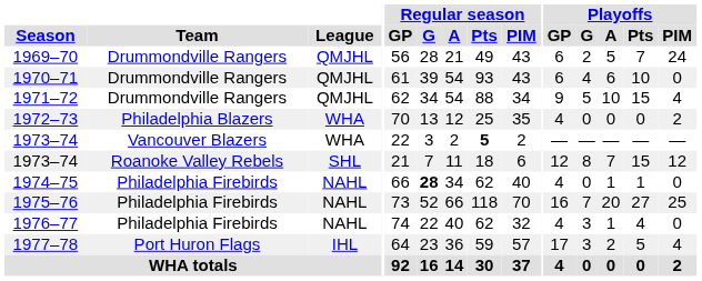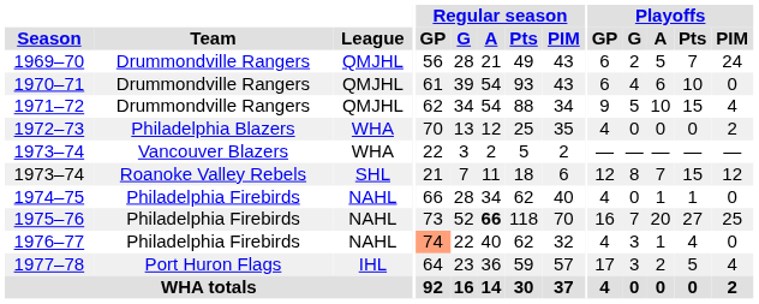 <table border="0" cellpadding="1" cellspacing="0" style="text-align:center; width:75%">
 <tr bgcolor="#e0e0e0">
 <th colspan="3" bgcolor="#ffffff"></th>
 <th rowspan="99" bgcolor="#ffffff"></th>
 <th colspan="5"><a href='#'>Regular season</a></th>
 <th rowspan="99" bgcolor="#ffffff"></th>
 <th colspan="5"><a href='#'>Playoffs</a></th>
 </tr>
 <tr bgcolor="#e0e0e0">
 <th><a href='#'>Season</a></th>
 <th>Team</th>
 <th>League</th>
 <th>GP</th>
 <th><a href='#'>G</a></th>
 <th><a href='#'>A</a></th>
 <th><a href='#'>Pts</a></th>
 <th><a href='#'>PIM</a></th>
 <th>GP</th>
 <th>G</th>
 <th>A</th>
 <th>Pts</th>
 <th>PIM</th>
 </tr>
 <tr>
 <td><a href='#'>1969–70</a></td>
 <td><a href='#'>Drummondville Rangers</a></td>
 <td><a href='#'>QMJHL</a></td>
 <td>56</td>
 <td>28</td>
 <td>21</td>
 <td>49</td>
 <td>43</td>
 <td>6</td>
 <td>2</td>
 <td>5</td>
 <td>7</td>
 <td>24</td>
 </tr>
 <tr bgcolor="#f0f0f0">
 <td><a href='#'>1970–71</a></td>
 <td>Drummondville Rangers</td>
 <td>QMJHL</td>
 <td>61</td>
 <td>39</td>
 <td>54</td>
 <td>93</td>
 <td>43</td>
 <td>6</td>
 <td>4</td>
 <td>6</td>
 <td>10</td>
 <td>0</td>
 </tr>
 <tr>
 <td><a href='#'>1971–72</a></td>
 <td>Drummondville Rangers</td>
 <td>QMJHL</td>
 <td>62</td>
 <td>34</td>
 <td>54</td>
 <td>88</td>
 <td>34</td>
 <td>9</td>
 <td>5</td>
 <td>10</td>
 <td>15</td>
 <td>4</td>
 </tr>
 <tr bgcolor="#f0f0f0">
 <td><a href='#'>1972–73</a></td>
 <td><a href='#'>Philadelphia Blazers</a></td>
 <td><a href='#'>WHA</a></td>
 <td>70</td>
 <td>13</td>
 <td>12</td>
 <td>25</td>
 <td>35</td>
 <td>4</td>
 <td>0</td>
 <td>0</td>
 <td>0</td>
 <td>2</td>
 </tr>
 <tr>
 <td><a href='#'>1973–74</a></td>
 <td><a href='#'>Vancouver Blazers</a></td>
 <td>WHA</td>
 <td>22</td>
 <td>3</td>
 <td>2</td>
-<td><strong>5</strong></td>
+<td>5</td>
 <td>2</td>
 <td>—</td>
 <td>—</td>
 <td>—</td>
 <td>—</td>
 <td>—</td>
 </tr>
 <tr bgcolor="#f0f0f0">
 <td>1973–74</td>
 <td><a href='#'>Roanoke Valley Rebels</a></td>
 <td><a href='#'>SHL</a></td>
 <td>21</td>
 <td>7</td>
 <td>11</td>
 <td>18</td>
 <td>6</td>
 <td>12</td>
 <td>8</td>
 <td>7</td>
 <td>15</td>
 <td>12</td>
 </tr>
 <tr>
 <td><a href='#'>1974–75</a></td>
 <td><a href='#'>Philadelphia Firebirds</a></td>
 <td><a href='#'>NAHL</a></td>
 <td>66</td>
-<td><strong>28</strong></td>
+<td>28</td>
 <td>34</td>
 <td>62</td>
 <td>40</td>
 <td>4</td>
 <td>0</td>
 <td>1</td>
 <td>1</td>
 <td>0</td>
 </tr>
 <tr bgcolor="#f0f0f0">
 <td><a href='#'>1975–76</a></td>
 <td>Philadelphia Firebirds</td>
 <td>NAHL</td>
 <td>73</td>
 <td>52</td>
-<td>66</td>
+<td><strong>66</strong></td>
 <td>118</td>
 <td>70</td>
 <td>16</td>
 <td>7</td>
 <td>20</td>
 <td>27</td>
 <td>25</td>
 </tr>
 <tr>
 <td><a href='#'>1976–77</a></td>
 <td>Philadelphia Firebirds</td>
 <td>NAHL</td>
-<td>74</td>
+<td style="background: lightsalmon;">74</td>
 <td>22</td>
 <td>40</td>
 <td>62</td>
 <td>32</td>
 <td>4</td>
 <td>3</td>
 <td>1</td>
 <td>4</td>
 <td>0</td>
 </tr>
 <tr bgcolor="#f0f0f0">
 <td><a href='#'>1977–78</a></td>
 <td><a href='#'>Port Huron Flags</a></td>
 <td><a href='#'>IHL</a></td>
 <td>64</td>
 <td>23</td>
 <td>36</td>
 <td>59</td>
 <td>57</td>
 <td>17</td>
 <td>3</td>
 <td>2</td>
 <td>5</td>
 <td>4</td>
 </tr>
 <tr ALIGN="center" bgcolor="#e0e0e0">
 <th colspan="3">WHA totals</th>
 <th>92</th>
 <th>16</th>
 <th>14</th>
 <th>30</th>
 <th>37</th>
 <th>4</th>
 <th>0</th>
 <th>0</th>
 <th>0</th>
 <th>2</th>
 </tr>
 </table>
